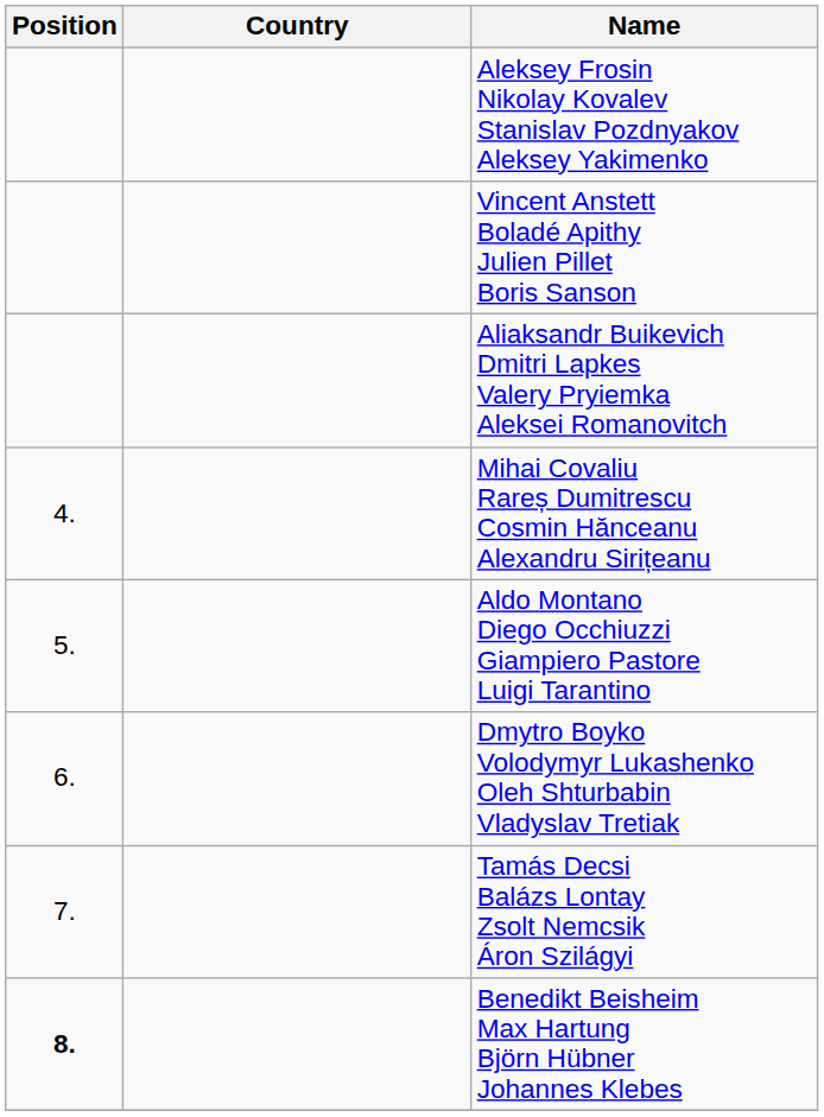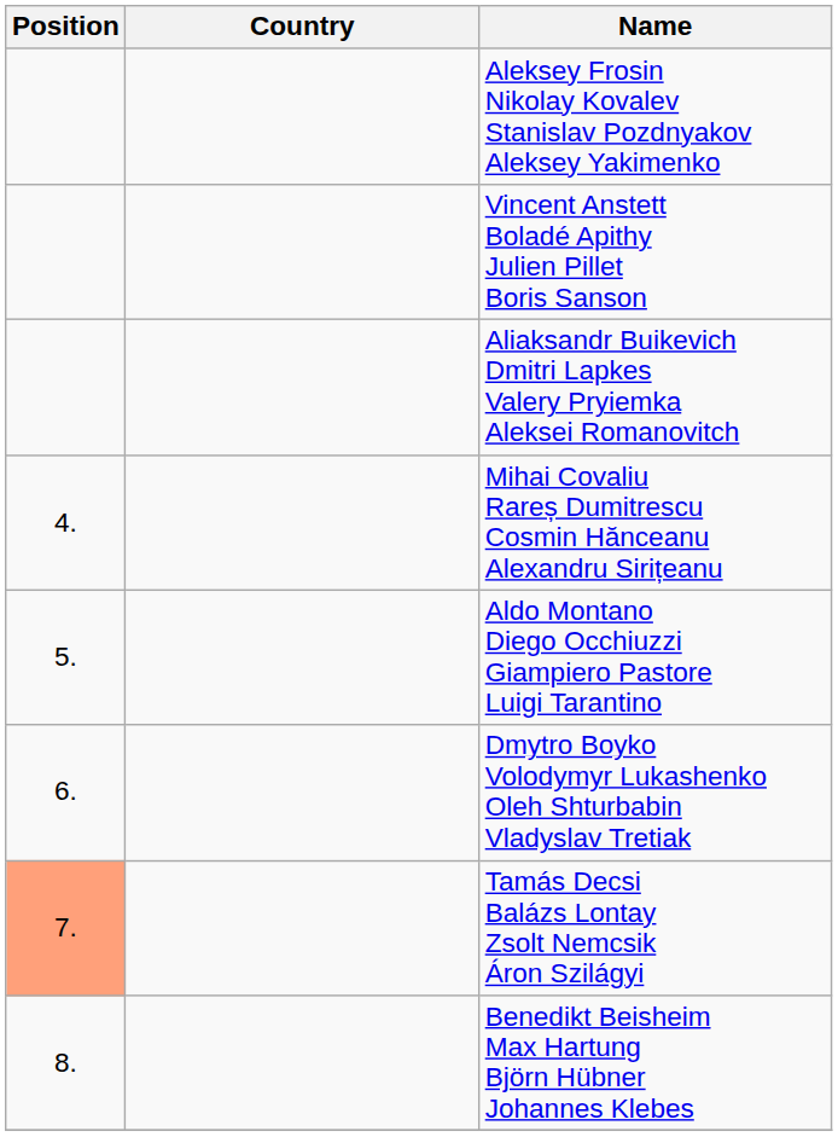 <table class="wikitable">
 <tr>
 <th width="10">Position</th>
 <th width="200">Country</th>
 <th width="200">Name</th>
 </tr>
 <tr>
 <td align="center"></td>
 <td></td>
 <td><a href='#'>Aleksey Frosin</a><br><a href='#'>Nikolay Kovalev</a><br><a href='#'>Stanislav Pozdnyakov</a><br><a href='#'>Aleksey Yakimenko</a></td>
 </tr>
 <tr>
 <td align="center"></td>
 <td></td>
 <td><a href='#'>Vincent Anstett</a><br><a href='#'>Boladé Apithy</a><br><a href='#'>Julien Pillet</a><br><a href='#'>Boris Sanson</a></td>
 </tr>
 <tr>
 <td align="center"></td>
 <td></td>
 <td><a href='#'>Aliaksandr Buikevich</a><br><a href='#'>Dmitri Lapkes</a><br><a href='#'>Valery Pryiemka</a><br><a href='#'>Aleksei Romanovitch</a></td>
 </tr>
 <tr>
 <td align="center">4.</td>
 <td></td>
 <td><a href='#'>Mihai Covaliu</a><br><a href='#'>Rareș Dumitrescu</a><br><a href='#'>Cosmin Hănceanu</a><br><a href='#'>Alexandru Sirițeanu</a></td>
 </tr>
 <tr>
 <td align="center">5.</td>
 <td></td>
 <td><a href='#'>Aldo Montano</a><br><a href='#'>Diego Occhiuzzi</a><br><a href='#'>Giampiero Pastore</a><br><a href='#'>Luigi Tarantino</a></td>
 </tr>
 <tr>
 <td align="center">6.</td>
 <td></td>
 <td><a href='#'>Dmytro Boyko</a><br><a href='#'>Volodymyr Lukashenko</a><br><a href='#'>Oleh Shturbabin</a><br><a href='#'>Vladyslav Tretiak</a></td>
 </tr>
 <tr>
-<td align="center">7.</td>
+<td align="center" style="background: lightsalmon;">7.</td>
 <td></td>
 <td><a href='#'>Tamás Decsi</a><br><a href='#'>Balázs Lontay</a><br><a href='#'>Zsolt Nemcsik</a> <br><a href='#'>Áron Szilágyi</a></td>
 </tr>
 <tr>
-<td align="center"><strong>8.</strong></td>
+<td align="center">8.</td>
 <td></td>
 <td><a href='#'>Benedikt Beisheim</a><br><a href='#'>Max Hartung</a><br><a href='#'>Björn Hübner</a><br><a href='#'>Johannes Klebes</a></td>
 </tr>
 <tr>
 </tr>
 </table>
